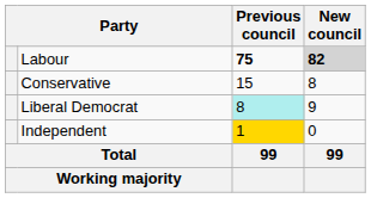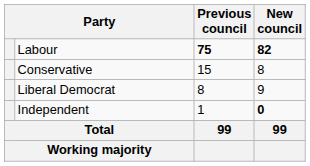 <table class="wikitable">
 <tr>
 <th valign=centre colspan="2" style="width: 230px">Party</th>
 <th valign=top style="width: 30px">Previous council</th>
 <th valign=top style="width: 30px">New council</th>
 </tr>
 <tr>
 <th style="background-color: "></th>
 <td>Labour</td>
 <td><strong>75</strong></td>
-<td style="background: lightgrey;"><strong>82</strong></td>
+<td><strong>82</strong></td>
 </tr>
 <tr>
 <th style="background-color: "></th>
 <td>Conservative</td>
 <td>15</td>
 <td>8</td>
 </tr>
 <tr>
 <th style="background-color: "></th>
 <td>Liberal Democrat</td>
-<td style="background: paleturquoise;">8</td>
+<td>8</td>
 <td>9</td>
 </tr>
 <tr>
 <th style="background-color: "></th>
 <td>Independent</td>
-<td style="background: gold;">1</td>
-<td>0</td>
+<td>1</td>
+<td><strong>0</strong></td>
 </tr>
 <tr>
 <th colspan=2>Total</th>
 <th style="text-align: center">99</th>
 <th colspan=3>99</th>
 </tr>
 <tr>
 <th colspan=2>Working majority</th>
 <th></th>
 <th></th>
 </tr>
 </table>
